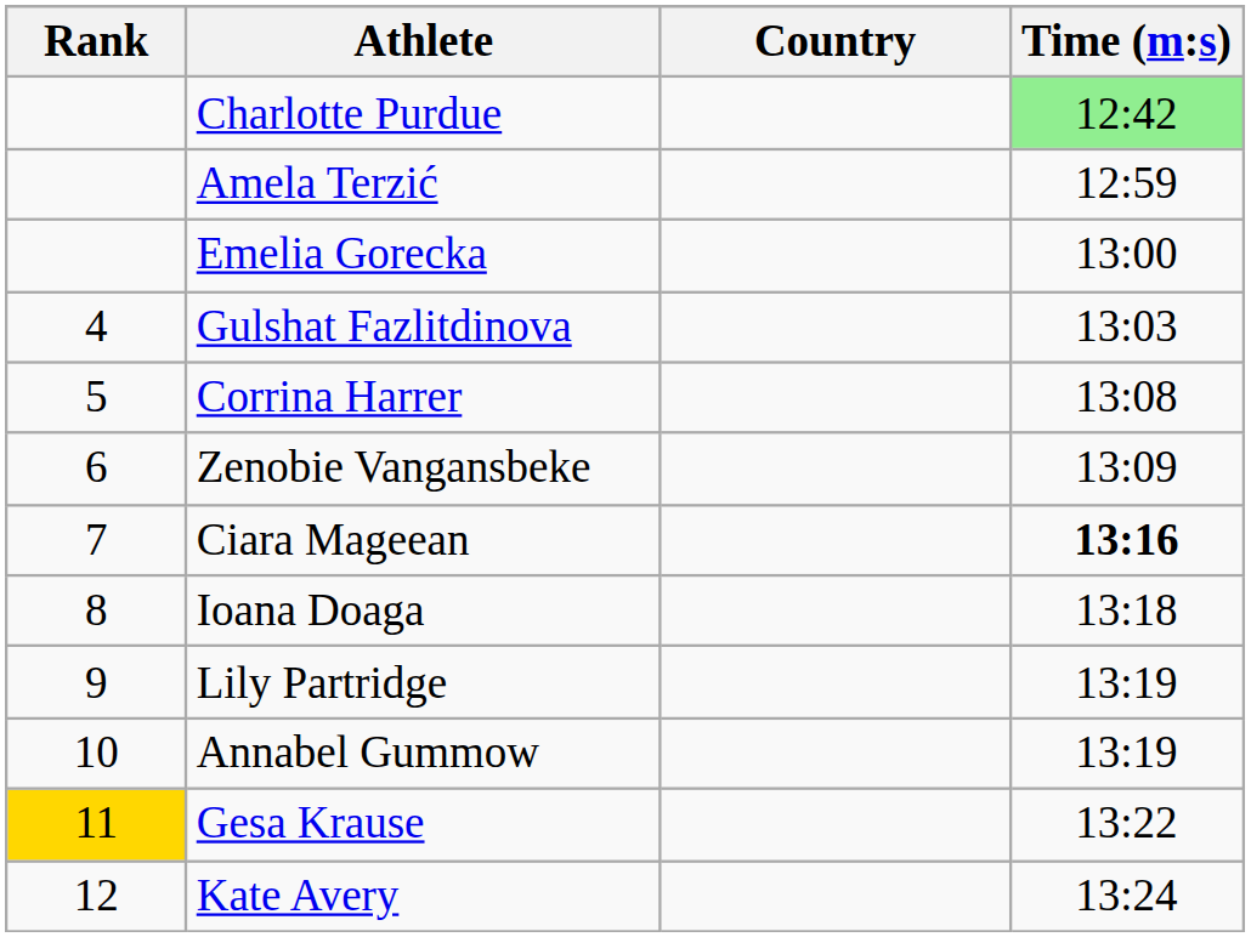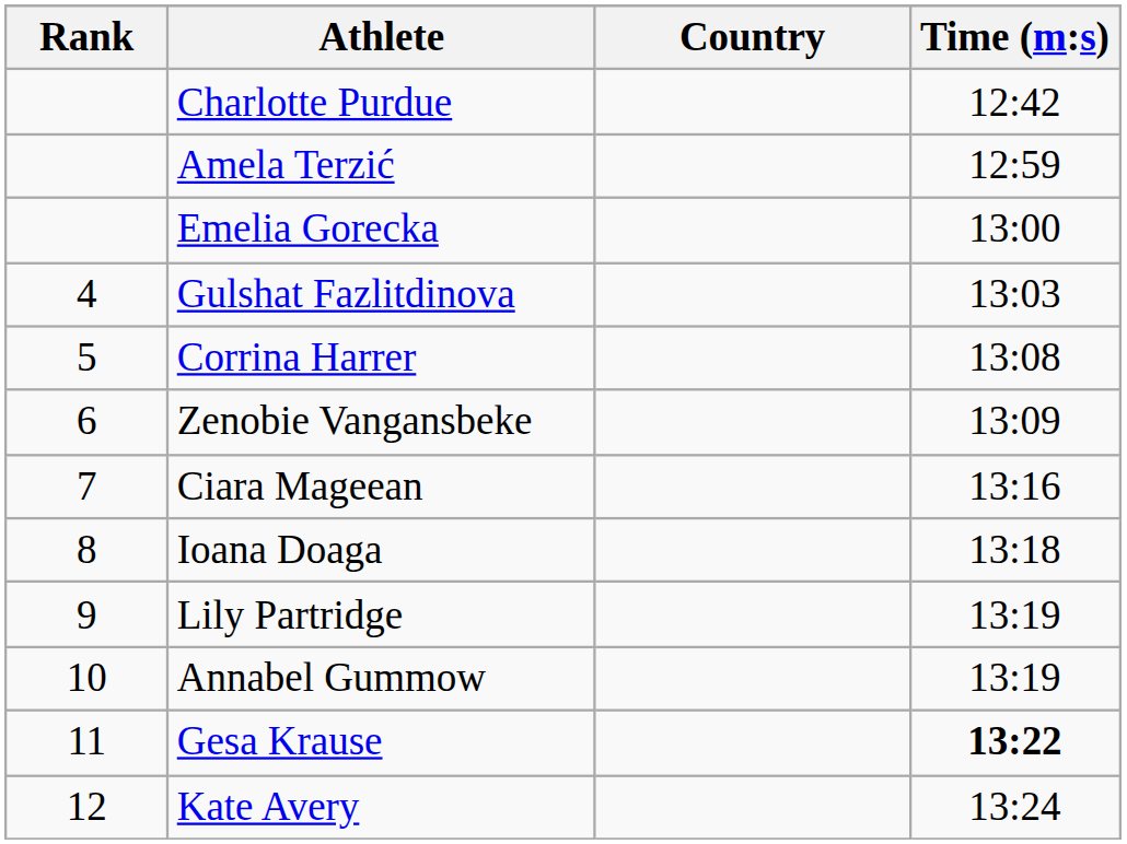 <table class="wikitable" width=50%>
 <tr>
 </tr>
 <tr>
 <th width=5%>Rank</th>
 <th width=20%>Athlete</th>
 <th width=15%>Country</th>
 <th width=10%>Time (<a href='#'>m</a>:<a href='#'>s</a>)</th>
 </tr>
 <tr align="center">
 <td></td>
 <td align="left"><a href='#'>Charlotte Purdue</a></td>
 <td align="left"></td>
-<td style="background: lightgreen;">12:42</td>
+<td>12:42</td>
 </tr>
 <tr align="center">
 <td></td>
 <td align="left"><a href='#'>Amela Terzić</a></td>
 <td align="left"></td>
 <td>12:59</td>
 </tr>
 <tr align="center">
 <td></td>
 <td align="left"><a href='#'>Emelia Gorecka</a></td>
 <td align="left"></td>
 <td>13:00</td>
 </tr>
 <tr align="center">
 <td>4</td>
 <td align="left"><a href='#'>Gulshat Fazlitdinova</a></td>
 <td align="left"></td>
 <td>13:03</td>
 </tr>
 <tr align="center">
 <td>5</td>
 <td align="left"><a href='#'>Corrina Harrer</a></td>
 <td align="left"></td>
 <td>13:08</td>
 </tr>
 <tr align="center">
 <td>6</td>
 <td align="left">Zenobie Vangansbeke</td>
 <td align="left"></td>
 <td>13:09</td>
 </tr>
 <tr align="center">
 <td>7</td>
 <td align="left">Ciara Mageean</td>
 <td align="left"></td>
-<td><strong>13:16</strong></td>
+<td>13:16</td>
 </tr>
 <tr align="center">
 <td>8</td>
 <td align="left">Ioana Doaga</td>
 <td align="left"></td>
 <td>13:18</td>
 </tr>
 <tr align="center">
 <td>9</td>
 <td align="left">Lily Partridge</td>
 <td align="left"></td>
 <td>13:19</td>
 </tr>
 <tr align="center">
 <td>10</td>
 <td align="left">Annabel Gummow</td>
 <td align="left"></td>
 <td>13:19</td>
 </tr>
 <tr align="center">
-<td style="background: gold;">11</td>
+<td>11</td>
 <td align="left"><a href='#'>Gesa Krause</a></td>
 <td align="left"></td>
-<td>13:22</td>
+<td><strong>13:22</strong></td>
 </tr>
 <tr align="center">
 <td>12</td>
 <td align="left"><a href='#'>Kate Avery</a></td>
 <td align="left"></td>
 <td>13:24</td>
 </tr>
 </table>
